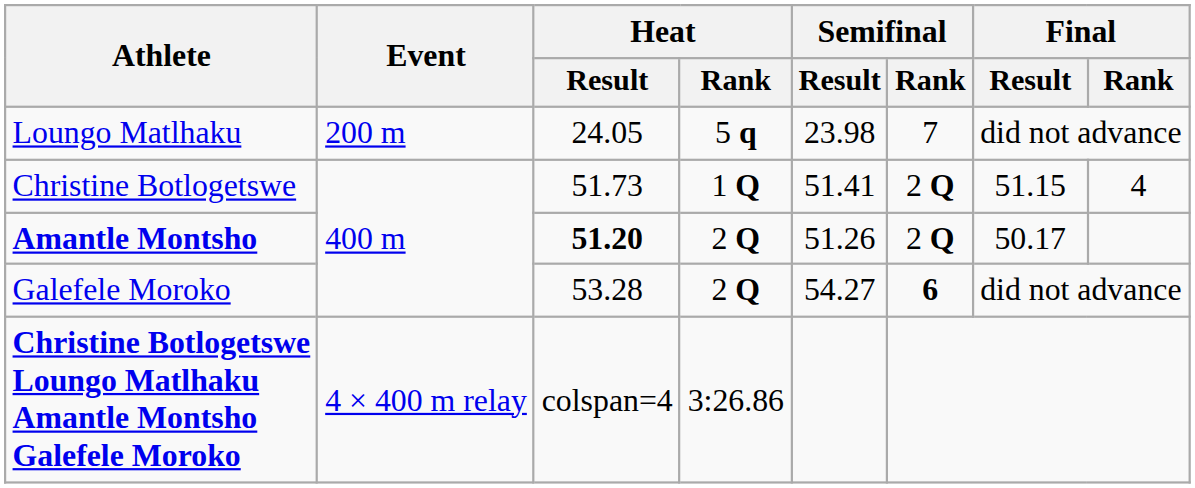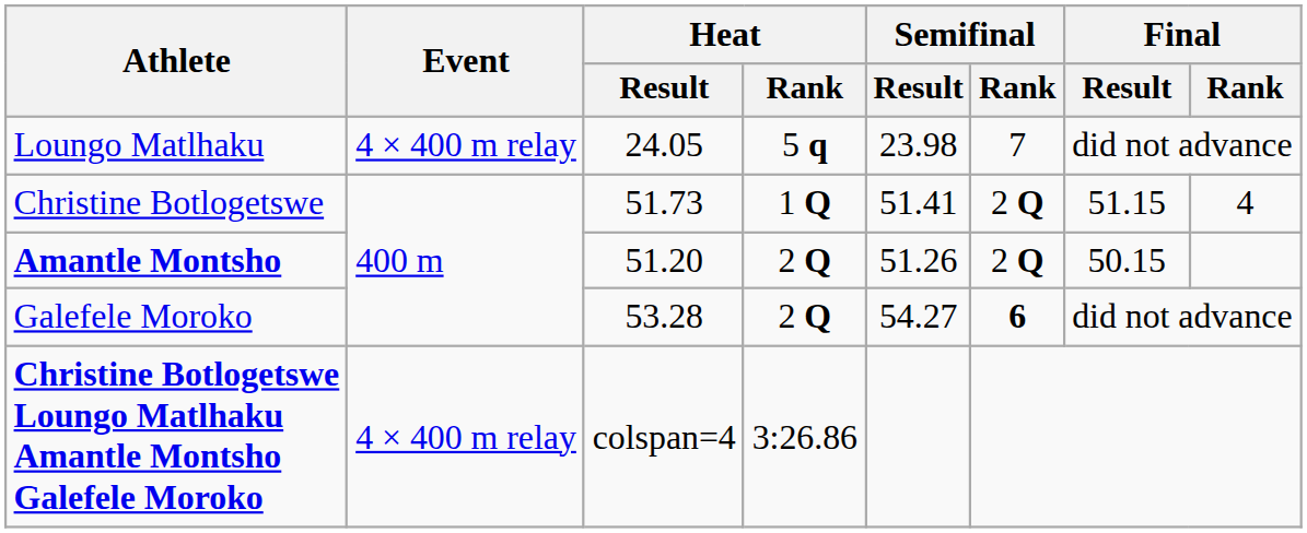 <table class="wikitable" style="font-size:90%">
 <tr>
 <th rowspan=2>Athlete</th>
 <th rowspan=2>Event</th>
 <th colspan=2>Heat</th>
 <th colspan=2>Semifinal</th>
 <th colspan=2>Final</th>
 </tr>
 <tr style="font-size:95%">
 <th>Result</th>
 <th>Rank</th>
 <th>Result</th>
 <th>Rank</th>
 <th>Result</th>
 <th>Rank</th>
 </tr>
 <tr align=center>
 <td align=left><a href='#'>Loungo Matlhaku</a></td>
-<td style="text-align:left;"><a href='#'>200 m</a></td>
+<td style="text-align:left;"><a href='#'>4 × 400 m relay</a></td>
 <td>24.05</td>
 <td>5 <strong>q</strong></td>
 <td>23.98</td>
 <td>7</td>
 <td colspan=2>did not advance</td>
 </tr>
 <tr align=center>
 <td align=left><a href='#'>Christine Botlogetswe</a></td>
 <td style="text-align:left;" rowspan=3><a href='#'>400 m</a></td>
 <td>51.73</td>
 <td>1 <strong>Q</strong></td>
 <td>51.41</td>
 <td>2 <strong>Q</strong></td>
 <td>51.15</td>
 <td>4</td>
 </tr>
 <tr align=center>
 <td align=left><strong><a href='#'>Amantle Montsho</a></strong></td>
-<td><strong>51.20</strong></td>
+<td>51.20</td>
 <td>2 <strong>Q</strong></td>
 <td>51.26</td>
 <td>2 <strong>Q</strong></td>
-<td>50.17</td>
+<td>50.15</td>
 <td></td>
 </tr>
 <tr align=center>
 <td align=left><a href='#'>Galefele Moroko</a></td>
 <td>53.28</td>
 <td>2 <strong>Q</strong></td>
 <td>54.27</td>
 <td><strong>6</strong></td>
 <td colspan=2>did not advance</td>
 </tr>
 <tr align=center>
 <td align=left><strong><a href='#'>Christine Botlogetswe</a><br><a href='#'>Loungo Matlhaku</a><br><a href='#'>Amantle Montsho</a><br><a href='#'>Galefele Moroko</a></strong></td>
 <td style="text-align:left;"><a href='#'>4 × 400 m relay</a></td>
 <td>colspan=4</td>
 <td>3:26.86</td>
 <td></td>
 </tr>
 </table>
